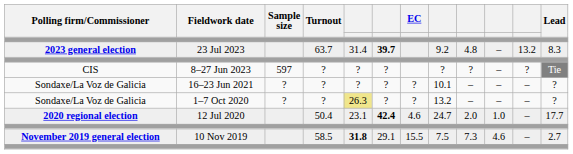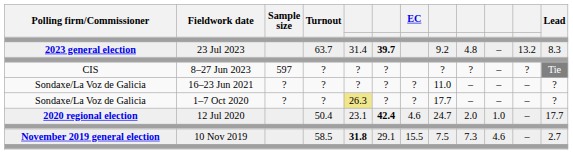 <table class="wikitable collapsible collapsed" style="text-align:center; font-size:95%; line-height:16px;">
 <tr style="height:42px;">
 <th style="width:250px;" rowspan="2">Polling firm/Commissioner</th>
 <th style="width:125px;" rowspan="2">Fieldwork date</th>
 <th style="width:50px;" rowspan="2">Sample size</th>
 <th style="width:45px;" rowspan="2">Turnout</th>
 <th style="width:35px;"></th>
 <th style="width:35px;"></th>
 <th style="width:35px;"><a href='#'>EC</a></th>
 <th style="width:35px;"></th>
 <th style="width:35px;"></th>
 <th style="width:35px;"></th>
 <th style="width:35px;"></th>
 <th style="width:30px;" rowspan="2">Lead</th>
 </tr>
 <tr>
 <th style="color:inherit;background:"></th>
 <th style="color:inherit;background:"></th>
 <th style="color:inherit;background:"></th>
 <th style="color:inherit;background:"></th>
 <th style="color:inherit;background:"></th>
 <th style="color:inherit;background:"></th>
 <th style="color:inherit;background:"></th>
 </tr>
 <tr>
 <td colspan="12" style="background:#A0A0A0"></td>
 </tr>
 <tr style="background:#EFEFEF;">
 <td><strong><a href='#'>2023 general election</a></strong></td>
 <td>23 Jul 2023</td>
 <td></td>
 <td>63.7</td>
 <td>31.4<br></td>
 <td><strong>39.7</strong><br></td>
 <td></td>
 <td>9.2<br></td>
 <td>4.8<br></td>
 <td>–</td>
 <td>13.2<br></td>
 <td style="background:">8.3</td>
 </tr>
 <tr>
 <td colspan="12" style="background:#A0A0A0"></td>
 </tr>
 <tr>
 <td>CIS</td>
 <td>8–27 Jun 2023</td>
 <td>597</td>
 <td>?</td>
 <td>?<br></td>
 <td>?<br></td>
 <td></td>
 <td>?<br></td>
 <td>?<br></td>
 <td>–</td>
 <td>?<br></td>
 <td style="background:gray; color:white;">Tie</td>
 </tr>
 <tr>
 <td>Sondaxe/La Voz de Galicia</td>
 <td>16–23 Jun 2021</td>
 <td>?</td>
 <td>?</td>
 <td>?<br></td>
 <td>?<br></td>
 <td>?<br></td>
-<td>10.1<br></td>
+<td>11.0<br></td>
 <td>–</td>
 <td>–</td>
 <td>–</td>
 <td style="background:">?</td>
 </tr>
 <tr>
 <td>Sondaxe/La Voz de Galicia</td>
 <td>1–7 Oct 2020</td>
 <td>?</td>
 <td>?</td>
 <td style="background: khaki;">26.3<br></td>
 <td>?<br></td>
 <td>?<br></td>
-<td>13.2<br></td>
+<td>17.7<br></td>
 <td>–</td>
 <td>–</td>
 <td>–</td>
 <td style="background:">?</td>
 </tr>
 <tr style="background:#EFEFEF;">
 <td><strong><a href='#'>2020 regional election</a></strong></td>
 <td>12 Jul 2020</td>
 <td></td>
 <td>50.4</td>
 <td>23.1<br></td>
 <td><strong>42.4</strong><br></td>
 <td>4.6<br></td>
 <td>24.7<br></td>
 <td>2.0<br></td>
 <td>1.0<br></td>
 <td>–</td>
 <td style="background:">17.7</td>
 </tr>
 <tr>
 <td colspan="12" style="background:#A0A0A0"></td>
 </tr>
 <tr style="background:#EFEFEF;">
 <td><strong><a href='#'>November 2019 general election</a></strong></td>
 <td>10 Nov 2019</td>
 <td></td>
 <td>58.5</td>
 <td><strong>31.8</strong><br></td>
 <td>29.1<br></td>
 <td>15.5<br></td>
 <td>7.5<br></td>
 <td>7.3<br></td>
 <td>4.6<br></td>
 <td>–</td>
 <td style="background:">2.7</td>
 </tr>
 <tr>
 <td colspan="12" style="background:#A0A0A0"></td>
 </tr>
 </table>
